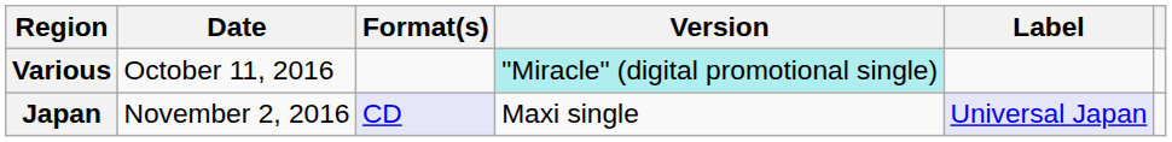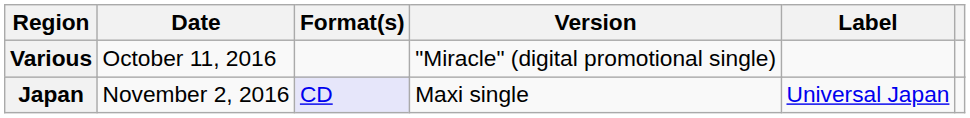 <table class="wikitable plainrowheaders">
 <tr>
 <th scope="col">Region</th>
 <th scope="col">Date</th>
 <th scope="col">Format(s)</th>
 <th>Version</th>
 <th scope="col">Label</th>
 <th scope="col"></th>
 </tr>
 <tr>
 <th rowspan="2" scope="row">Various</th>
 <td>October 11, 2016</td>
 <td rowspan="2"></td>
-<td style="background: paleturquoise;">"Miracle" (digital promotional single)</td>
+<td>"Miracle" (digital promotional single)</td>
 <td rowspan="2"></td>
 <td></td>
 </tr>
 <tr>
 <td rowspan="2">November 2, 2016</td>
 <td rowspan="2">Maxi single</td>
 <td rowspan="2"></td>
 </tr>
 <tr>
 <th scope="row">Japan</th>
 <td style="background: lavender;"><a href='#'>CD</a></td>
-<td style="background: lavender;"><a href='#'>Universal Japan</a></td>
+<td><a href='#'>Universal Japan</a></td>
 </tr>
 </table>
